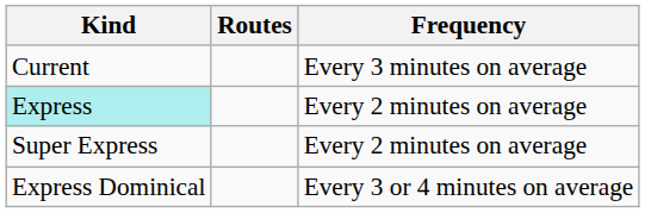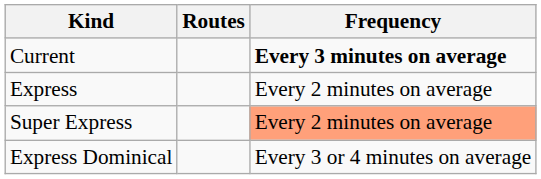 <table class="wikitable" style="margin:1em auto;">
 <tr>
 <th>Kind</th>
 <th>Routes</th>
 <th>Frequency</th>
 </tr>
 <tr>
 <td>Current</td>
 <td></td>
-<td>Every 3 minutes on average</td>
+<td><strong>Every 3 minutes on average</strong></td>
 </tr>
 <tr>
-<td style="background: paleturquoise;">Express</td>
+<td>Express</td>
 <td> </td>
 <td>Every 2 minutes on average</td>
 </tr>
 <tr>
 <td>Super Express</td>
 <td>   </td>
-<td>Every 2 minutes on average</td>
+<td style="background: lightsalmon;">Every 2 minutes on average</td>
 </tr>
 <tr>
 <td>Express Dominical</td>
 <td></td>
 <td>Every 3 or 4 minutes on average</td>
 </tr>
 </table>
